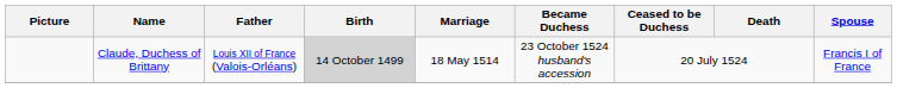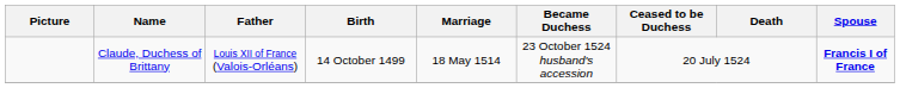 <table width=95% class="wikitable">
 <tr>
 <th width = "8%">Picture</th>
 <th width = "10%">Name</th>
 <th width = "9%">Father</th>
 <th width = "10%">Birth</th>
 <th width = "9%">Marriage</th>
 <th width = "9%">Became Duchess</th>
 <th width = "9%">Ceased to be Duchess</th>
 <th width = "9%">Death</th>
 <th width = "7%"><a href='#'>Spouse</a></th>
 </tr>
 <tr>
 <td align="center"></td>
 <td align="center"><a href='#'>Claude, Duchess of Brittany</a></td>
 <td align="center"><small><a href='#'>Louis XII of France</a></small><br> (<a href='#'>Valois-Orléans</a>)</td>
-<td align="center" style="background: lightgrey;">14 October 1499</td>
+<td align="center">14 October 1499</td>
 <td align="center">18 May 1514</td>
 <td align="center">23 October 1524<br><em>husband's accession</em></td>
 <td align="center" colspan="2">20 July 1524</td>
-<td align="center"><a href='#'>Francis I of France</a></td>
+<td align="center"><strong><a href='#'>Francis I of France</a></strong></td>
 </tr>
 <tr>
 </tr>
 </table>
